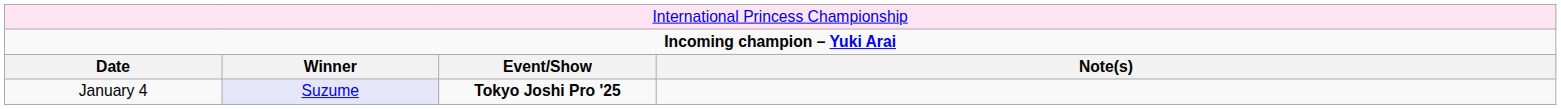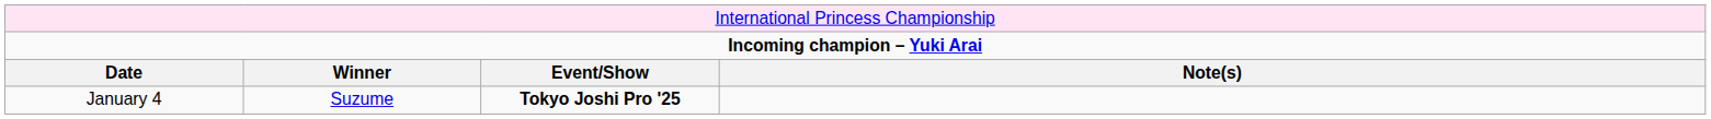 <table class="wikitable" style="text-align:center; width:100%;">
 <tr style="background:#ffe5f3;">
 <td colspan="4" style="text-align: center;"><a href='#'>International Princess Championship</a></td>
 </tr>
 <tr>
 <td colspan="4" style="text-align: center;"><strong>Incoming champion – <a href='#'>Yuki Arai</a></strong></td>
 </tr>
 <tr>
 <th width=14%>Date</th>
 <th width=14%>Winner</th>
 <th width=14%>Event/Show</th>
 <th width=58%>Note(s)</th>
 </tr>
 <tr>
 <td>January 4</td>
-<td style="background: lavender;"><a href='#'>Suzume</a></td>
+<td><a href='#'>Suzume</a></td>
 <td><strong>Tokyo Joshi Pro '25</strong></td>
 <td></td>
 </tr>
 </table>
